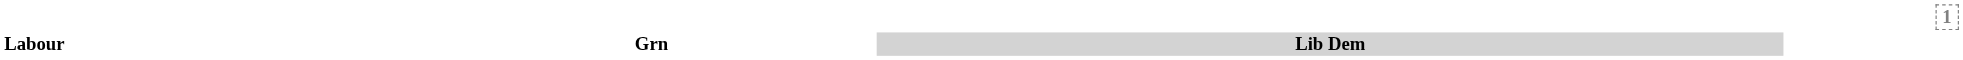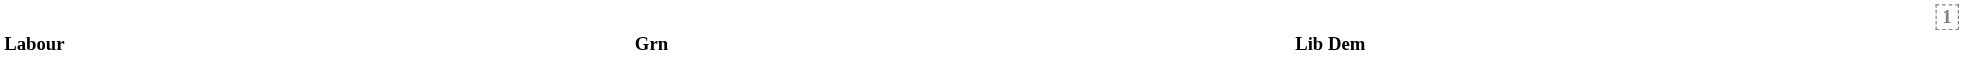 <table style="width:100%; text-align:center;">
 <tr style="color:white;">
 <td style="background:"><strong>86</strong></td>
 <td style="background:"><strong>4</strong></td>
 <td style="background:"><strong>4</strong></td>
 <td style="background:"><strong>1</strong></td>
 <td style="color:grey; background:white; width:1.04%; border: 1px dashed grey"><strong>1</strong></td>
 </tr>
 <tr>
 <td><span><strong>Labour</strong></span></td>
 <td><span><strong>Grn</strong></span></td>
-<td style="background: lightgrey;"><span><strong>Lib Dem</strong></span></td>
+<td><span><strong>Lib Dem</strong></span></td>
 <td></td>
 <td></td>
 </tr>
 </table>
